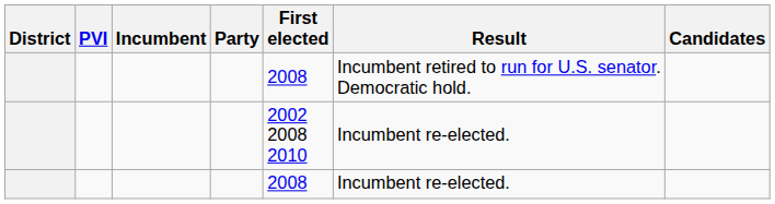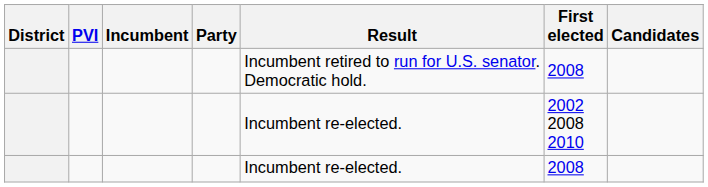 <table class="wikitable sortable">
 <tr valign=bottom>
 <th>District</th>
 <th><a href='#'>PVI</a></th>
 <th>Incumbent</th>
 <th>Party</th>
+<th>Result</th>
 <th>First<br>elected</th>
-<th>Result</th>
 <th>Candidates</th>
 </tr>
 <tr>
 <th></th>
 <td></td>
 <td></td>
 <td></td>
+<td>Incumbent retired to <a href='#'>run for U.S. senator</a>.<br>Democratic hold.</td>
 <td><a href='#'>2008</a></td>
-<td>Incumbent retired to <a href='#'>run for U.S. senator</a>.<br>Democratic hold.</td>
 <td nowrap></td>
 </tr>
 <tr>
 <th></th>
 <td></td>
 <td></td>
 <td></td>
+<td>Incumbent re-elected.</td>
 <td><a href='#'>2002</a><br>2008 <br><a href='#'>2010</a></td>
-<td>Incumbent re-elected.</td>
 <td nowrap></td>
 </tr>
 <tr>
 <th></th>
 <td></td>
 <td></td>
 <td></td>
+<td>Incumbent re-elected.</td>
 <td><a href='#'>2008</a></td>
-<td>Incumbent re-elected.</td>
 <td nowrap></td>
 </tr>
 </table>
